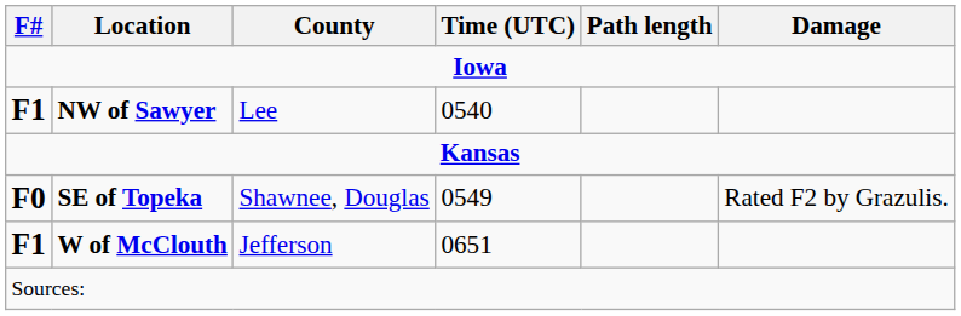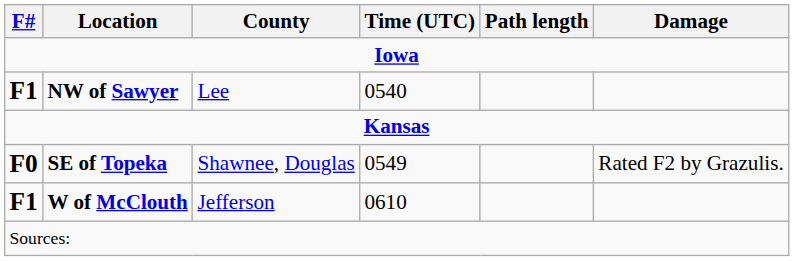 <table class="wikitable">
 <tr>
 <th><strong><a href='#'>F#</a></strong></th>
 <th><strong>Location</strong></th>
 <th><strong>County</strong></th>
 <th><strong>Time (UTC)</strong></th>
 <th><strong>Path length</strong></th>
 <th><strong>Damage</strong></th>
 </tr>
 <tr was limited to trees>
 <td colspan="7" align=center><strong><a href='#'>Iowa</a></strong></td>
 </tr>
 <tr>
 <td><big><strong>F1</strong></big></td>
 <td><strong>NW of <a href='#'>Sawyer</a></strong></td>
 <td><a href='#'>Lee</a></td>
 <td>0540</td>
 <td></td>
 <td></td>
 </tr>
 <tr>
 <td colspan="7" align=center><strong><a href='#'>Kansas</a></strong></td>
 </tr>
 <tr>
 <td><big><strong>F0</strong></big></td>
 <td><strong>SE of <a href='#'>Topeka</a></strong></td>
 <td><a href='#'>Shawnee</a>, <a href='#'>Douglas</a></td>
 <td>0549</td>
 <td></td>
 <td>Rated F2 by Grazulis.</td>
 </tr>
 <tr>
 <td><big><strong>F1</strong></big></td>
 <td><strong>W of <a href='#'>McClouth</a></strong></td>
 <td><a href='#'>Jefferson</a></td>
-<td>0651</td>
+<td>0610</td>
 <td></td>
 <td></td>
 </tr>
 <tr>
 <td colspan="7"><small>Sources:  </small></td>
 </tr>
 </table>
